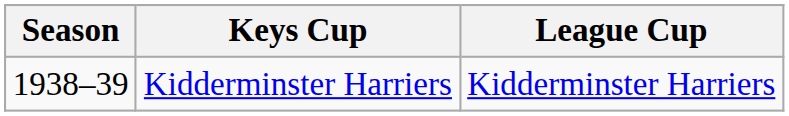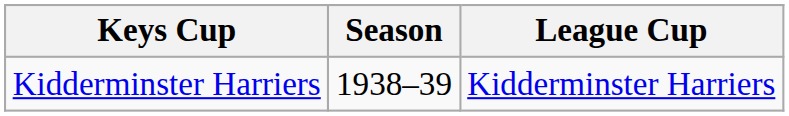 <table class="wikitable" style="text-align: left">
 <tr>
+<th>Keys Cup</th>
 <th>Season</th>
-<th>Keys Cup</th>
 <th>League Cup</th>
 </tr>
 <tr>
+<td><a href='#'>Kidderminster Harriers</a></td>
 <td>1938–39</td>
-<td><a href='#'>Kidderminster Harriers</a></td>
 <td><a href='#'>Kidderminster Harriers</a></td>
 </tr>
 </table>
